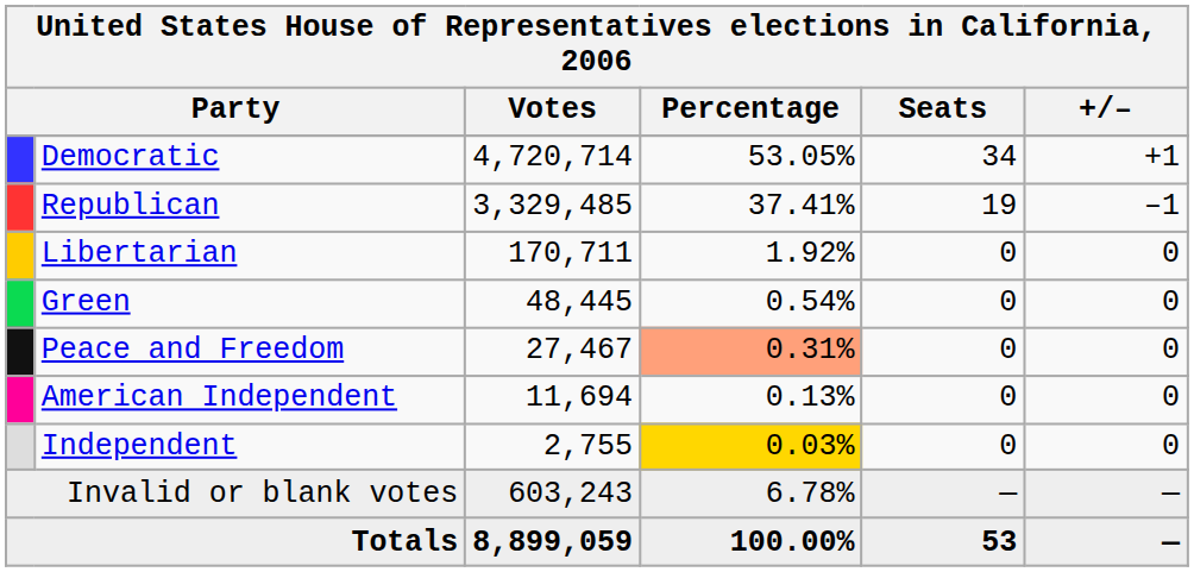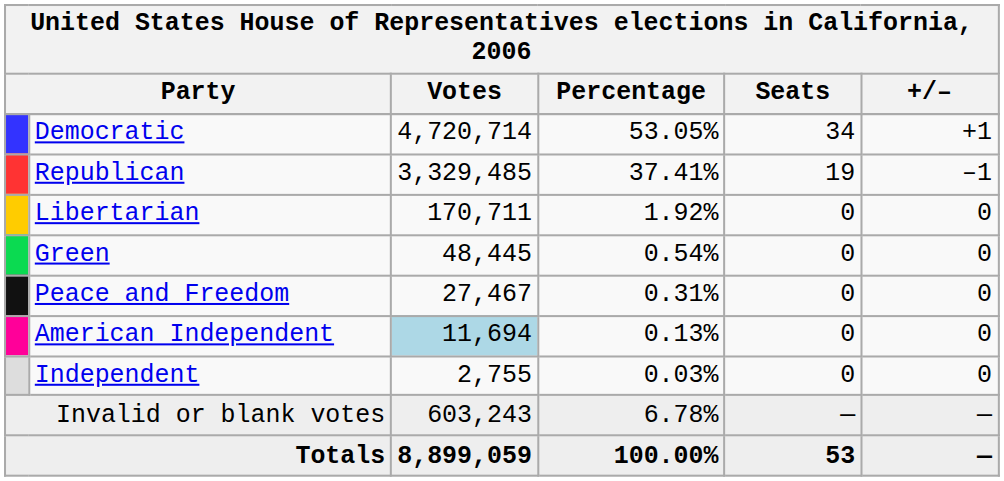 <table class="wikitable" style="font-size: 95%;">
 <tr>
 <th colspan="6">United States House of Representatives elections in California, 2006</th>
 </tr>
 <tr>
 <th colspan=2 style="width: 15em">Party</th>
 <th style="width: 5em">Votes</th>
 <th style="width: 7em">Percentage</th>
 <th style="width: 5em">Seats</th>
 <th style="width: 5em">+/–</th>
 </tr>
 <tr>
 </tr>
 <tr>
 <th style="background-color:#3333FF; width: 3px"></th>
 <td style="width: 130px"><a href='#'>Democratic</a></td>
 <td align="right">4,720,714</td>
 <td align="right">53.05%</td>
 <td align="right">34</td>
 <td align="right">+1</td>
 </tr>
 <tr>
 <th style="background-color:#FF3333; width: 3px"></th>
 <td style="width: 130px"><a href='#'>Republican</a></td>
 <td align="right">3,329,485</td>
 <td align="right">37.41%</td>
 <td align="right">19</td>
 <td align="right">–1</td>
 </tr>
 <tr>
 <th style="background-color:#FFCC00; width: 3px"></th>
 <td style="width: 130px"><a href='#'>Libertarian</a></td>
 <td align="right">170,711</td>
 <td align="right">1.92%</td>
 <td align="right">0</td>
 <td align="right">0</td>
 </tr>
 <tr>
 <th style="background-color:#0BDA51; width: 3px"></th>
 <td style="width: 130px"><a href='#'>Green</a></td>
 <td align="right">48,445</td>
 <td align="right">0.54%</td>
 <td align="right">0</td>
 <td align="right">0</td>
 </tr>
 <tr>
 <th style="background-color:#111111; width: 3px"></th>
 <td style="width: 130px"><a href='#'>Peace and Freedom</a></td>
 <td align="right">27,467</td>
-<td align="right" style="background: lightsalmon;">0.31%</td>
+<td align="right">0.31%</td>
 <td align="right">0</td>
 <td align="right">0</td>
 </tr>
 <tr>
 <th style="background-color:#FF0099; width: 3px"></th>
 <td style="width: 130px"><a href='#'>American Independent</a></td>
-<td align="right">11,694</td>
+<td align="right" style="background: lightblue;">11,694</td>
 <td align="right">0.13%</td>
 <td align="right">0</td>
 <td align="right">0</td>
 </tr>
 <tr>
 <th style="background-color:#DDDDDD; width: 3px"></th>
 <td style="width: 130px"><a href='#'>Independent</a></td>
 <td align="right">2,755</td>
-<td align="right" style="background: gold;">0.03%</td>
+<td align="right">0.03%</td>
 <td align="right">0</td>
 <td align="right">0</td>
 </tr>
 <tr bgcolor="#EEEEEE">
 <td colspan="2" align="right">Invalid or blank votes</td>
 <td align="right">603,243</td>
 <td align="right">6.78%</td>
 <td align="right">—</td>
 <td align="right">—</td>
 </tr>
 <tr bgcolor="#EEEEEE">
 <td colspan="2" align="right"><strong>Totals</strong></td>
 <td align="right"><strong>8,899,059</strong></td>
 <td align="right"><strong>100.00%</strong></td>
 <td align="right"><strong>53</strong></td>
 <td align="right"><strong>—</strong></td>
 </tr>
 </table>
